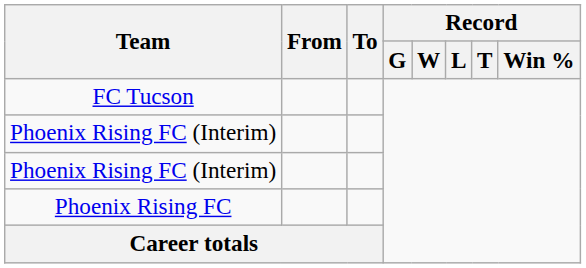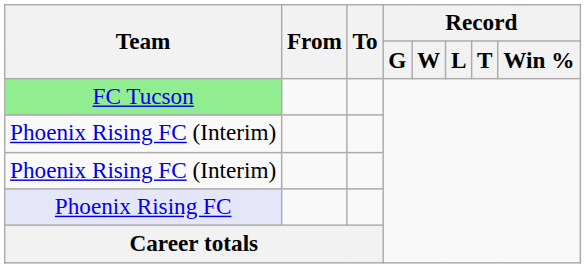 <table class="wikitable" style="text-align: center">
 <tr>
 <th rowspan="2">Team</th>
 <th rowspan="2">From</th>
 <th rowspan="2">To</th>
 <th colspan="5">Record</th>
 </tr>
 <tr>
 <th>G</th>
 <th>W</th>
 <th>L</th>
 <th>T</th>
 <th>Win %</th>
 </tr>
 <tr>
-<td><a href='#'>FC Tucson</a></td>
+<td style="background: lightgreen;"><a href='#'>FC Tucson</a></td>
 <td></td>
 <td><br></td>
 </tr>
 <tr>
 <td><a href='#'>Phoenix Rising FC</a> (Interim)</td>
 <td></td>
 <td><br></td>
 </tr>
 <tr>
 <td><a href='#'>Phoenix Rising FC</a> (Interim)</td>
 <td></td>
 <td><br></td>
 </tr>
 <tr>
-<td><a href='#'>Phoenix Rising FC</a></td>
+<td style="background: lavender;"><a href='#'>Phoenix Rising FC</a></td>
 <td></td>
 <td><br></td>
 </tr>
 <tr>
 <th colspan="3">Career totals<br></th>
 </tr>
 </table>
